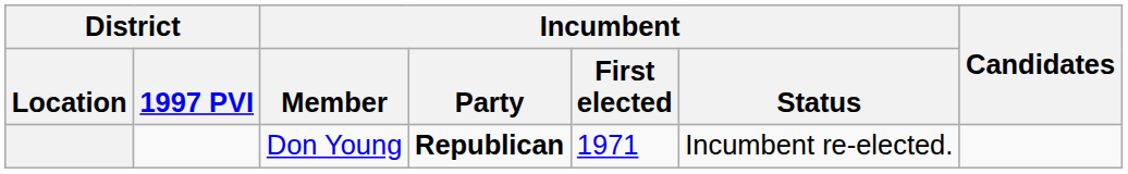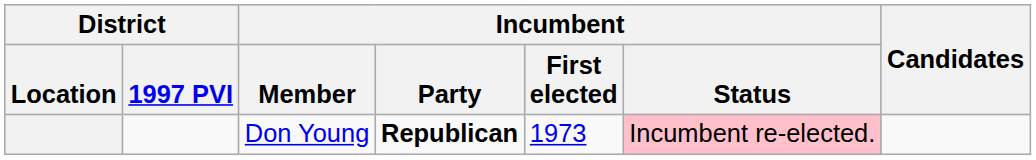 <table class="wikitable sortable">
 <tr>
 <th colspan=2>District</th>
 <th colspan=4>Incumbent</th>
 <th rowspan=2 class="unsortable">Candidates</th>
 </tr>
 <tr valign=bottom>
 <th>Location</th>
 <th><a href='#'>1997 PVI</a></th>
 <th>Member</th>
 <th>Party</th>
 <th>First<br>elected</th>
 <th>Status</th>
 </tr>
 <tr>
 <th></th>
 <td></td>
 <td><a href='#'>Don Young</a></td>
 <td><strong>Republican</strong></td>
-<td><a href='#'>1971 </a></td>
-<td>Incumbent re-elected.</td>
+<td><a href='#'>1973 </a></td>
+<td style="background: pink;">Incumbent re-elected.</td>
 <td nowrap></td>
 </tr>
 </table>
